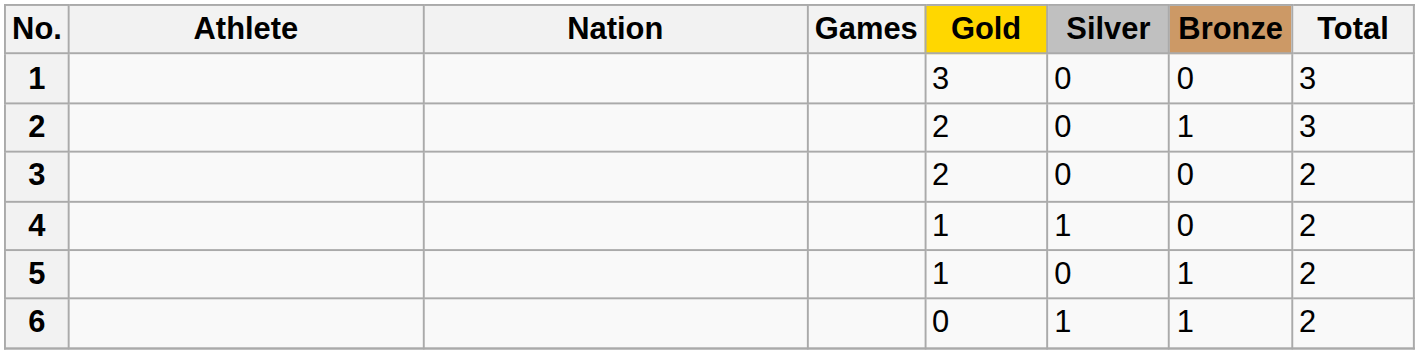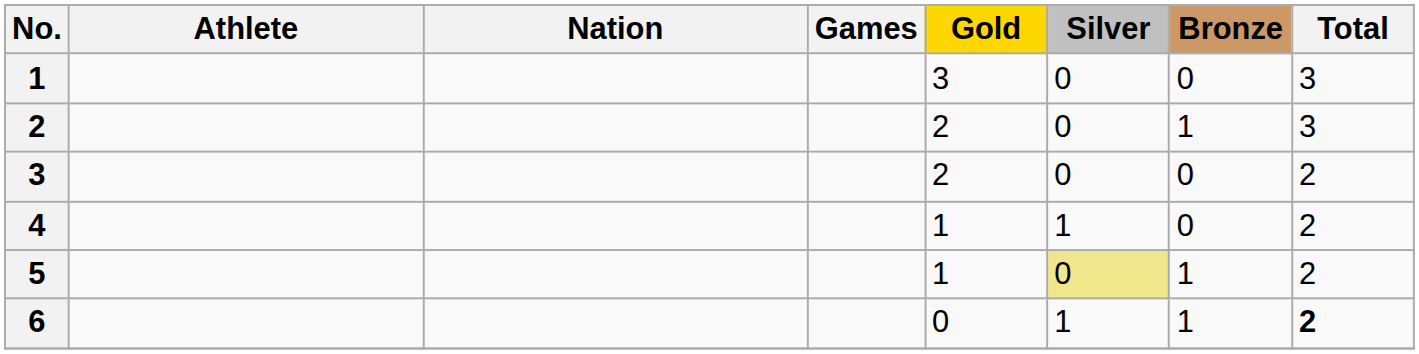 <table class="wikitable sortable">
 <tr>
 <th>No.</th>
 <th style="width:11em;">Athlete</th>
 <th style="width:12em;">Nation</th>
 <th>Games</th>
 <th style="background-color:gold; width:3.5em; font-weight:bold;">Gold</th>
 <th style="background-color:silver; width:3.5em; font-weight:bold;">Silver</th>
 <th style="background-color:#cc9966; width:3.5em; font-weight:bold;">Bronze</th>
 <th style="width:3.5em;">Total</th>
 </tr>
 <tr>
 <th rowspan=1>1</th>
 <td></td>
 <td></td>
 <td></td>
 <td>3</td>
 <td>0</td>
 <td>0</td>
 <td>3</td>
 </tr>
 <tr>
 <th rowspan=1>2</th>
 <td></td>
 <td></td>
 <td></td>
 <td>2</td>
 <td>0</td>
 <td>1</td>
 <td>3</td>
 </tr>
 <tr>
 <th rowspan=1>3</th>
 <td></td>
 <td></td>
 <td></td>
 <td>2</td>
 <td>0</td>
 <td>0</td>
 <td>2</td>
 </tr>
 <tr>
 <th rowspan=1>4</th>
 <td></td>
 <td></td>
 <td></td>
 <td>1</td>
 <td>1</td>
 <td>0</td>
 <td>2</td>
 </tr>
 <tr>
 <th rowspan=1>5</th>
 <td></td>
 <td></td>
 <td></td>
 <td>1</td>
-<td>0</td>
+<td style="background: khaki;">0</td>
 <td>1</td>
 <td>2</td>
 </tr>
 <tr>
 <th rowspan=1>6</th>
 <td></td>
 <td></td>
 <td></td>
 <td>0</td>
 <td>1</td>
 <td>1</td>
-<td>2</td>
+<td><strong>2</strong></td>
 </tr>
 <tr>
 </tr>
 </table>
